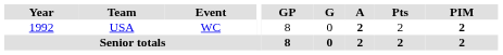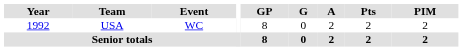 <table border="0" cellpadding="1" cellspacing="0" ID="Table3" style="text-align:center; width:40em">
 <tr bgcolor="#e0e0e0">
 <th>Year</th>
 <th>Team</th>
 <th>Event</th>
 <th rowspan="102" bgcolor="#ffffff"></th>
 <th>GP</th>
 <th>G</th>
 <th>A</th>
 <th>Pts</th>
 <th>PIM</th>
 </tr>
 <tr>
 <td><a href='#'>1992</a></td>
 <td><a href='#'>USA</a></td>
 <td><a href='#'>WC</a></td>
 <td>8</td>
 <td>0</td>
-<td><strong>2</strong></td>
 <td>2</td>
-<td><strong>2</strong></td>
+<td>2</td>
+<td>2</td>
 </tr>
 <tr bgcolor="#e0e0e0">
 <th colspan="4">Senior totals</th>
 <th>8</th>
 <th>0</th>
 <th>2</th>
 <th>2</th>
 <th>2</th>
 </tr>
 </table>
